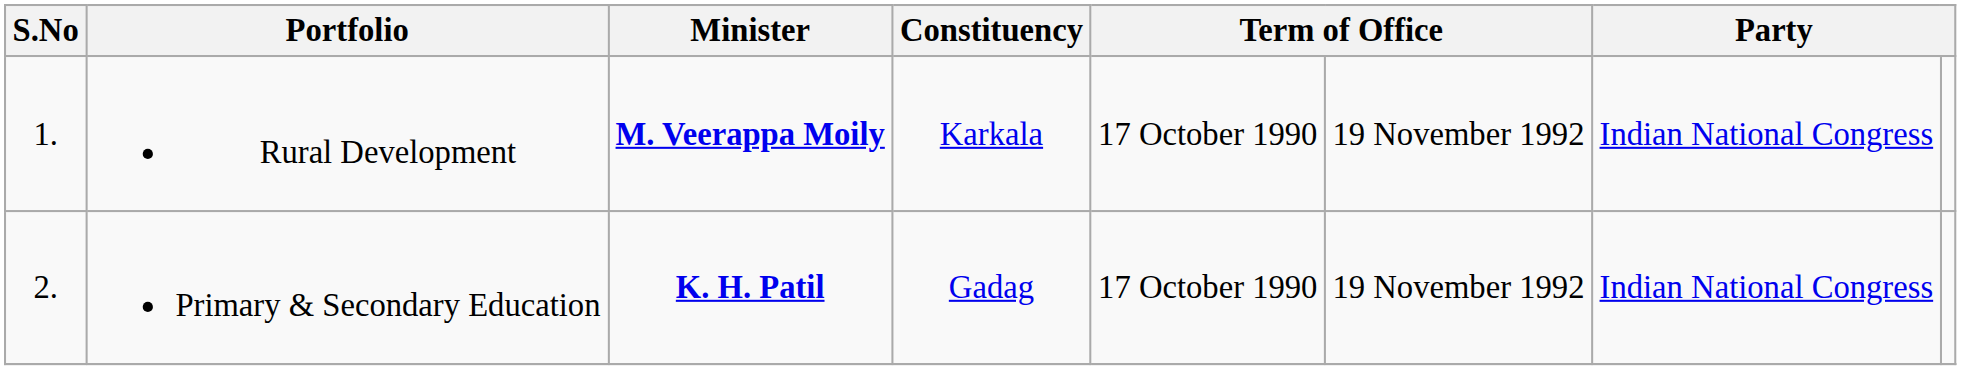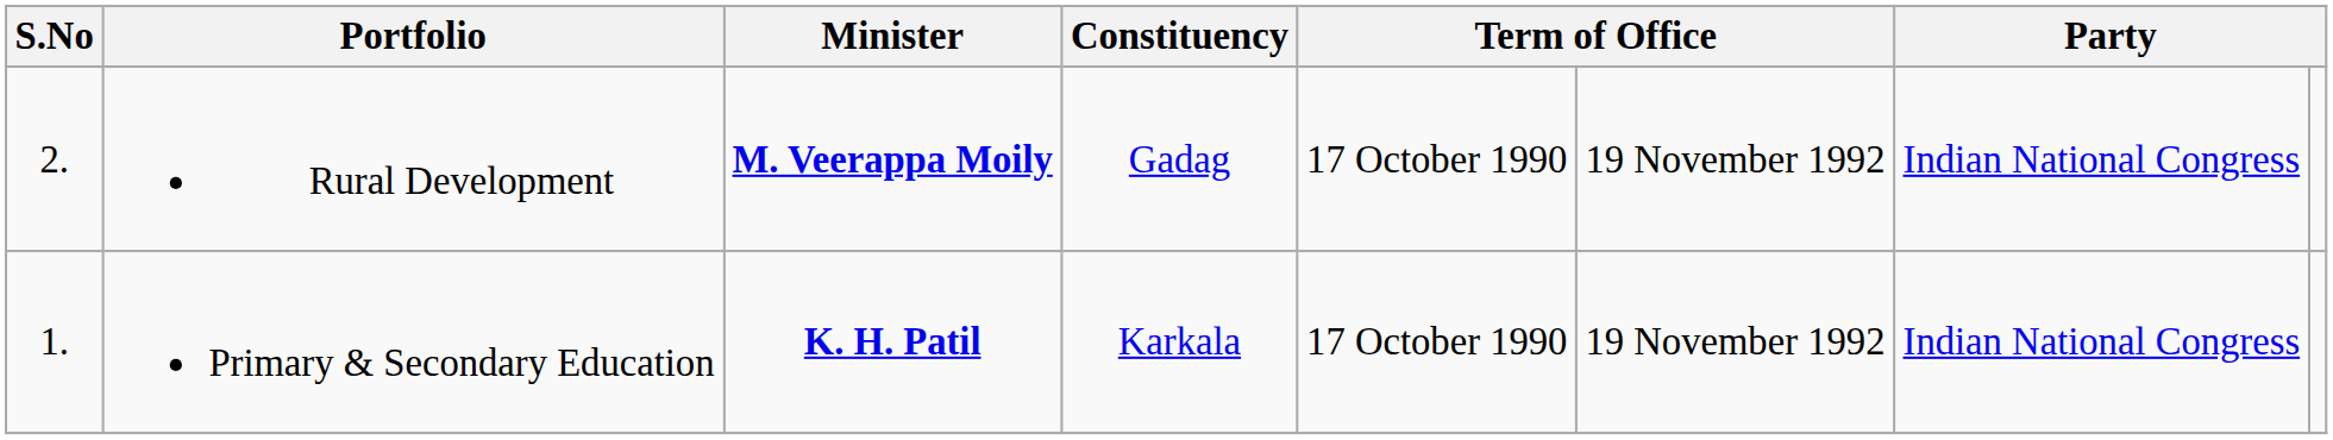 <table class="wikitable sortable" style="text-align:center;">
 <tr>
 <th>S.No</th>
 <th>Portfolio</th>
 <th>Minister</th>
 <th>Constituency</th>
 <th colspan="2">Term of Office</th>
 <th colspan="2" scope="col">Party</th>
 </tr>
 <tr>
-<td>1.</td>
+<td>2.</td>
 <td><br><ul><li>Rural Development</li></ul></td>
 <td><strong><a href='#'>M. Veerappa Moily</a></strong></td>
-<td><a href='#'>Karkala</a></td>
+<td><a href='#'>Gadag</a></td>
 <td>17 October 1990</td>
 <td>19 November 1992</td>
 <td><a href='#'>Indian National Congress</a></td>
 <td style="background:"></td>
 </tr>
 <tr style="text-align:center">
-<td>2.</td>
+<td>1.</td>
 <td><br><ul><li>Primary & Secondary Education</li></ul></td>
 <td><strong><a href='#'>K. H. Patil</a></strong></td>
-<td><a href='#'>Gadag</a></td>
+<td><a href='#'>Karkala</a></td>
 <td>17 October 1990</td>
 <td>19 November 1992</td>
 <td><a href='#'>Indian National Congress</a></td>
 <td style="background:"></td>
 </tr>
 <tr style="text-align:center">
 </tr>
 </table>
